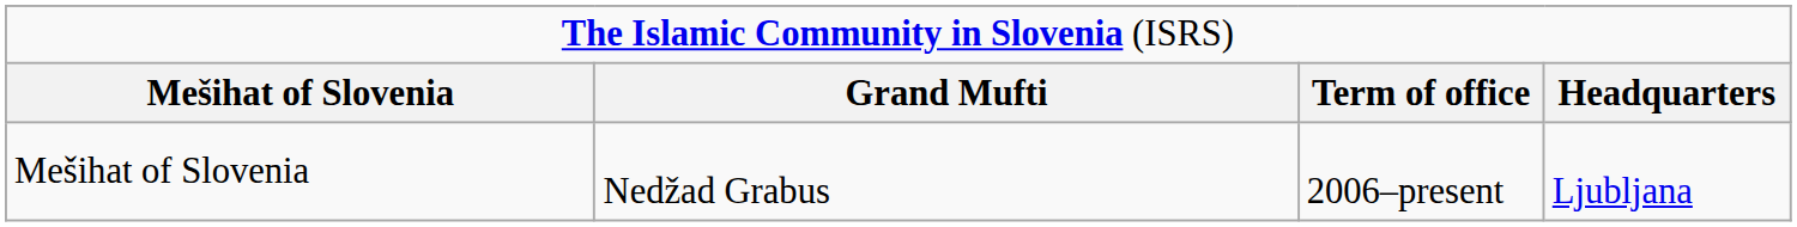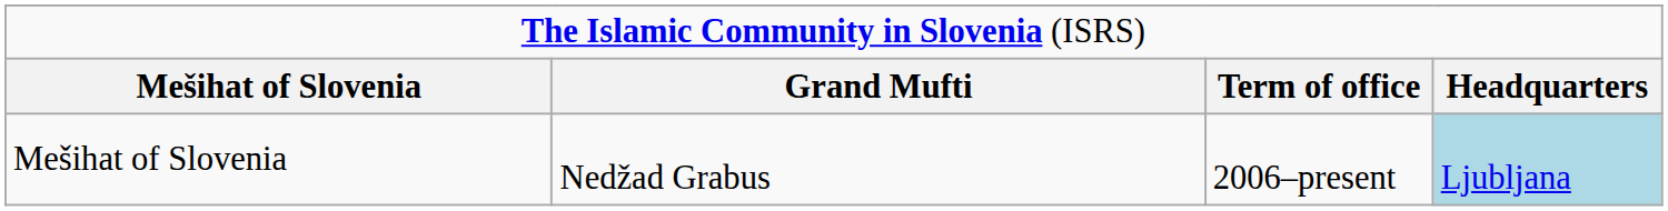 <table class=wikitable>
 <tr>
 <td colspan=4 align=center><strong><a href='#'>The Islamic Community in Slovenia</a></strong> (ISRS)</td>
 </tr>
 <tr>
 <th scope="row" width="250">Mešihat of Slovenia</th>
 <th scope="row" width="300">Grand Mufti</th>
 <th scope="row" width="100">Term of office</th>
 <th scope="row" width="100">Headquarters</th>
 </tr>
 <tr>
 <td>Mešihat of Slovenia</td>
 <td><br>Nedžad Grabus</td>
 <td><br>2006–present</td>
-<td><br><a href='#'>Ljubljana</a></td>
+<td style="background: lightblue;"><br><a href='#'>Ljubljana</a></td>
 </tr>
 </table>
